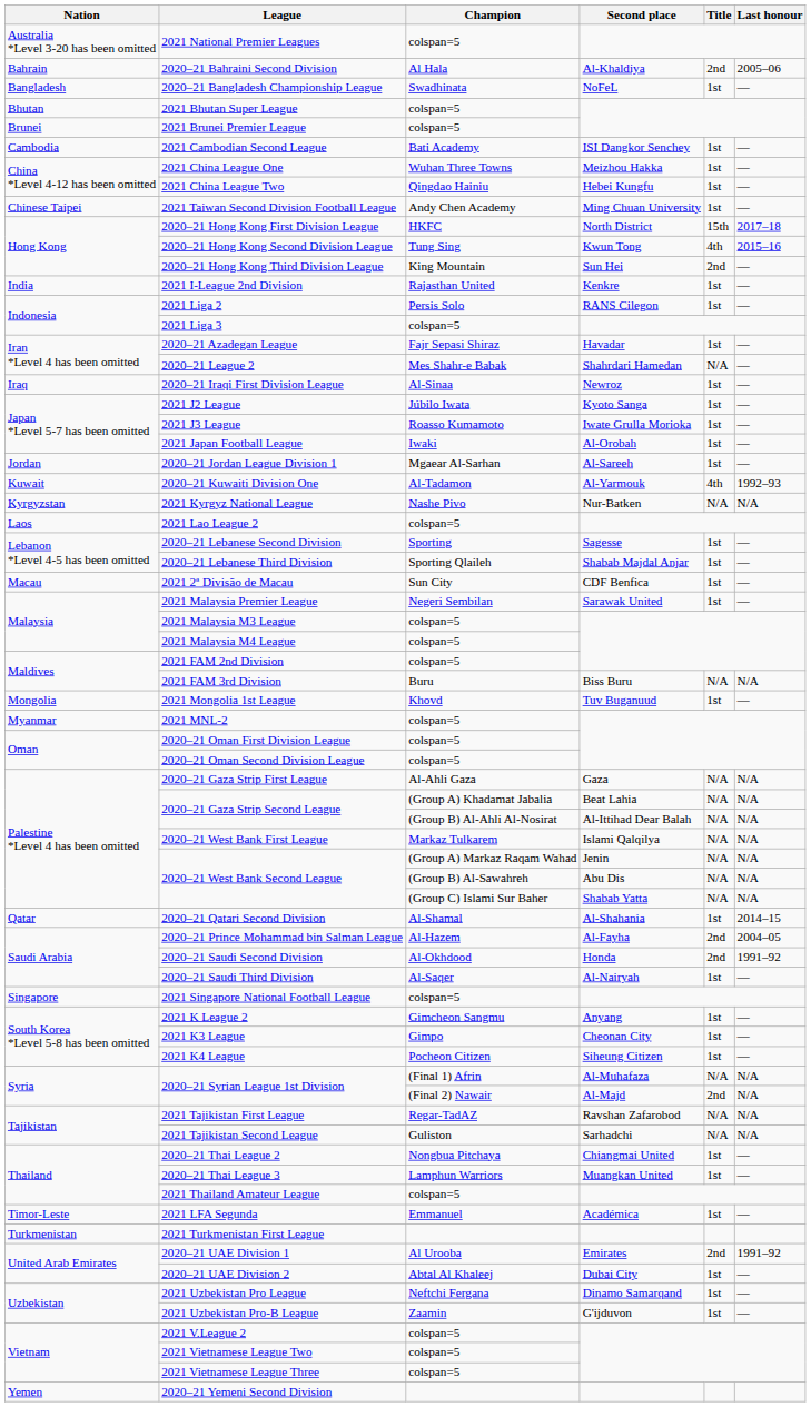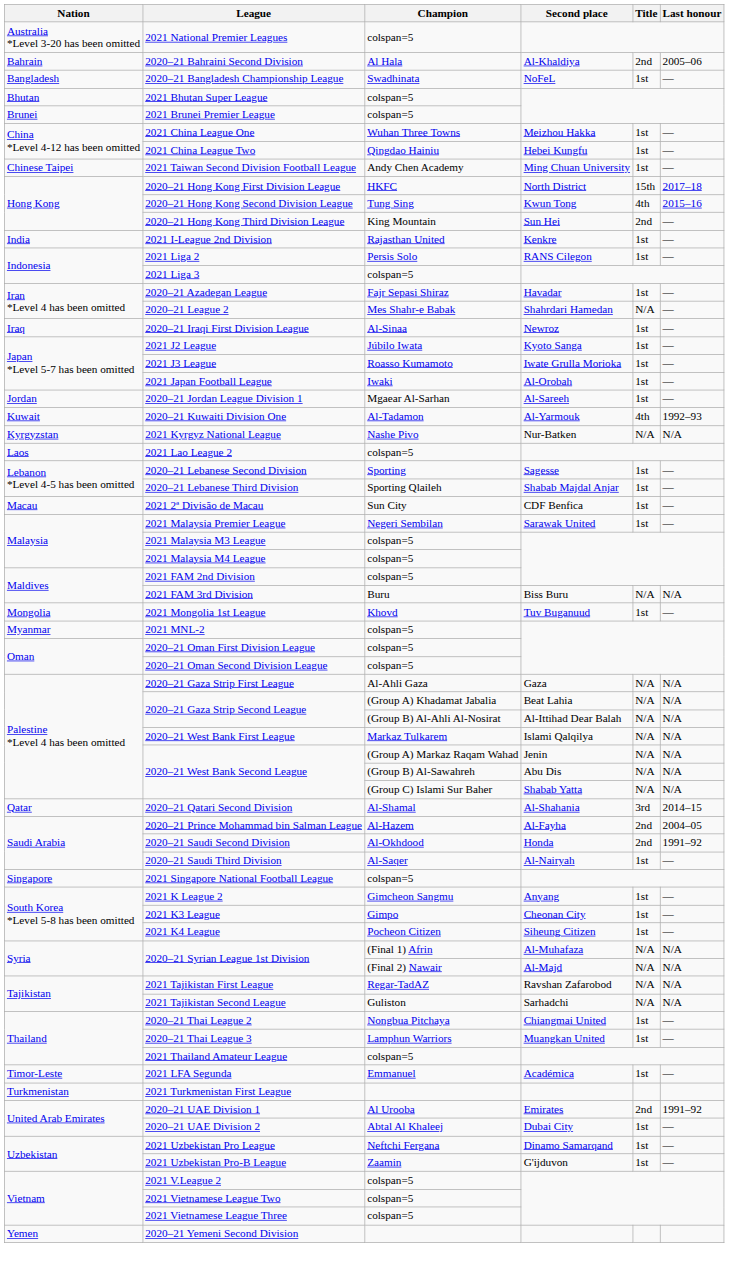 <table class="wikitable sortable">
 <tr>
 <th>Nation</th>
 <th>League</th>
 <th>Champion</th>
 <th>Second place</th>
 <th data-sort-type="number">Title</th>
 <th>Last honour</th>
 </tr>
 <tr>
 <td> <a href='#'>Australia</a> <br>*Level 3-20 has been omitted</td>
 <td><a href='#'>2021 National Premier Leagues</a></td>
 <td>colspan=5 </td>
 </tr>
 <tr>
 <td> <a href='#'>Bahrain</a></td>
 <td><a href='#'>2020–21 Bahraini Second Division</a></td>
 <td><a href='#'>Al Hala</a></td>
 <td><a href='#'>Al-Khaldiya</a></td>
 <td>2nd</td>
 <td>2005–06</td>
 </tr>
 <tr>
 <td> <a href='#'>Bangladesh</a></td>
 <td><a href='#'>2020–21 Bangladesh Championship League</a></td>
 <td><a href='#'>Swadhinata</a></td>
 <td><a href='#'>NoFeL</a></td>
 <td>1st</td>
 <td>—</td>
 </tr>
 <tr>
 <td> <a href='#'>Bhutan</a></td>
 <td><a href='#'>2021 Bhutan Super League</a></td>
 <td>colspan=5 </td>
 </tr>
 <tr>
 <td> <a href='#'>Brunei</a></td>
 <td><a href='#'>2021 Brunei Premier League</a></td>
 <td>colspan=5 </td>
-</tr>
-<tr>
-<td> <a href='#'>Cambodia</a></td>
-<td><a href='#'>2021 Cambodian Second League</a></td>
-<td><a href='#'>Bati Academy</a></td>
-<td><a href='#'>ISI Dangkor Senchey</a></td>
-<td>1st</td>
-<td>—</td>
 </tr>
 <tr>
 <td rowspan=2> <a href='#'>China</a> <br>*Level 4-12 has been omitted</td>
 <td><a href='#'>2021 China League One</a></td>
 <td><a href='#'>Wuhan Three Towns</a></td>
 <td><a href='#'>Meizhou Hakka</a></td>
 <td>1st</td>
 <td>—</td>
 </tr>
 <tr>
 <td><a href='#'>2021 China League Two</a></td>
 <td><a href='#'>Qingdao Hainiu</a></td>
 <td><a href='#'>Hebei Kungfu</a></td>
 <td>1st</td>
 <td>—</td>
 </tr>
 <tr>
 <td> <a href='#'>Chinese Taipei</a></td>
 <td><a href='#'>2021 Taiwan Second Division Football League</a></td>
 <td>Andy Chen Academy</td>
 <td><a href='#'>Ming Chuan University</a></td>
 <td>1st</td>
 <td>—</td>
 </tr>
 <tr>
 <td rowspan=3> <a href='#'>Hong Kong</a></td>
 <td><a href='#'>2020–21 Hong Kong First Division League</a></td>
 <td><a href='#'>HKFC</a></td>
 <td><a href='#'>North District</a></td>
 <td>15th</td>
 <td><a href='#'>2017–18</a></td>
 </tr>
 <tr>
 <td><a href='#'>2020–21 Hong Kong Second Division League</a></td>
 <td><a href='#'>Tung Sing</a></td>
 <td><a href='#'>Kwun Tong</a></td>
 <td>4th</td>
 <td><a href='#'>2015–16</a></td>
 </tr>
 <tr>
 <td><a href='#'>2020–21 Hong Kong Third Division League</a></td>
 <td>King Mountain</td>
 <td><a href='#'>Sun Hei</a></td>
 <td>2nd</td>
 <td>—</td>
 </tr>
 <tr>
 <td> <a href='#'>India</a></td>
 <td><a href='#'>2021 I-League 2nd Division</a></td>
 <td><a href='#'>Rajasthan United</a></td>
 <td><a href='#'>Kenkre</a></td>
 <td>1st</td>
 <td>—</td>
 </tr>
 <tr>
 <td rowspan=2> <a href='#'>Indonesia</a></td>
 <td><a href='#'>2021 Liga 2</a></td>
 <td><a href='#'>Persis Solo</a></td>
 <td><a href='#'>RANS Cilegon</a></td>
 <td>1st</td>
 <td>—</td>
 </tr>
 <tr>
 <td><a href='#'>2021 Liga 3</a></td>
 <td>colspan=5 </td>
 </tr>
 <tr>
 <td rowspan=2> <a href='#'>Iran</a> <br>*Level 4 has been omitted</td>
 <td><a href='#'>2020–21 Azadegan League</a></td>
 <td><a href='#'>Fajr Sepasi Shiraz</a></td>
 <td><a href='#'>Havadar</a></td>
 <td>1st</td>
 <td>—</td>
 </tr>
 <tr>
 <td><a href='#'>2020–21 League 2</a></td>
 <td><a href='#'>Mes Shahr-e Babak</a></td>
 <td><a href='#'>Shahrdari Hamedan</a></td>
 <td>N/A</td>
 <td>—</td>
 </tr>
 <tr>
 <td> <a href='#'>Iraq</a></td>
 <td><a href='#'>2020–21 Iraqi First Division League</a></td>
 <td><a href='#'>Al-Sinaa</a></td>
 <td><a href='#'>Newroz</a></td>
 <td>1st</td>
 <td>—</td>
 </tr>
 <tr>
 <td rowspan=3> <a href='#'>Japan</a> <br>*Level 5-7 has been omitted</td>
 <td><a href='#'>2021 J2 League</a></td>
 <td><a href='#'>Júbilo Iwata</a></td>
 <td><a href='#'>Kyoto Sanga</a></td>
 <td>1st</td>
 <td>—</td>
 </tr>
 <tr>
 <td><a href='#'>2021 J3 League</a></td>
 <td><a href='#'>Roasso Kumamoto</a></td>
 <td><a href='#'>Iwate Grulla Morioka</a></td>
 <td>1st</td>
 <td>—</td>
 </tr>
 <tr>
 <td><a href='#'>2021 Japan Football League</a></td>
 <td><a href='#'>Iwaki</a></td>
 <td><a href='#'>Al-Orobah</a></td>
 <td>1st</td>
 <td>—</td>
 </tr>
 <tr>
 <td> <a href='#'>Jordan</a></td>
 <td><a href='#'>2020–21 Jordan League Division 1</a></td>
 <td>Mgaear Al-Sarhan</td>
 <td><a href='#'>Al-Sareeh</a></td>
 <td>1st</td>
 <td>—</td>
 </tr>
 <tr>
 <td> <a href='#'>Kuwait</a></td>
 <td><a href='#'>2020–21 Kuwaiti Division One</a></td>
 <td><a href='#'>Al-Tadamon</a></td>
 <td><a href='#'>Al-Yarmouk</a></td>
 <td>4th</td>
 <td>1992–93</td>
 </tr>
 <tr>
 <td> <a href='#'>Kyrgyzstan</a></td>
 <td><a href='#'>2021 Kyrgyz National League</a></td>
 <td><a href='#'>Nashe Pivo</a></td>
 <td>Nur-Batken</td>
 <td>N/A</td>
 <td>N/A</td>
 </tr>
 <tr>
 <td> <a href='#'>Laos</a></td>
 <td><a href='#'>2021 Lao League 2</a></td>
 <td>colspan=5 </td>
 </tr>
 <tr>
 <td rowspan="2"> <a href='#'>Lebanon</a> <br>*Level 4-5 has been omitted</td>
 <td><a href='#'>2020–21 Lebanese Second Division</a></td>
 <td><a href='#'>Sporting</a></td>
 <td><a href='#'>Sagesse</a></td>
 <td>1st</td>
 <td>—</td>
 </tr>
 <tr>
 <td><a href='#'>2020–21 Lebanese Third Division</a></td>
 <td>Sporting Qlaileh</td>
 <td><a href='#'>Shabab Majdal Anjar</a></td>
 <td>1st</td>
 <td>—</td>
 </tr>
 <tr>
 <td> <a href='#'>Macau</a></td>
 <td><a href='#'>2021 2ª Divisão de Macau</a></td>
 <td>Sun City</td>
 <td>CDF Benfica</td>
 <td>1st</td>
 <td>—</td>
 </tr>
 <tr>
 <td rowspan=3> <a href='#'>Malaysia</a></td>
 <td><a href='#'>2021 Malaysia Premier League</a></td>
 <td><a href='#'>Negeri Sembilan</a></td>
 <td><a href='#'>Sarawak United</a></td>
 <td>1st</td>
 <td>—</td>
 </tr>
 <tr>
 <td><a href='#'>2021 Malaysia M3 League</a></td>
 <td>colspan=5 </td>
 </tr>
 <tr>
 <td><a href='#'>2021 Malaysia M4 League</a></td>
 <td>colspan=5 </td>
 </tr>
 <tr>
 <td rowspan=2> <a href='#'>Maldives</a></td>
 <td><a href='#'>2021 FAM 2nd Division</a></td>
 <td>colspan=5 </td>
 </tr>
 <tr>
 <td><a href='#'>2021 FAM 3rd Division</a></td>
 <td>Buru</td>
 <td>Biss Buru</td>
 <td>N/A</td>
 <td>N/A</td>
 </tr>
 <tr>
 <td> <a href='#'>Mongolia</a></td>
 <td><a href='#'>2021 Mongolia 1st League</a></td>
 <td><a href='#'>Khovd</a></td>
 <td><a href='#'>Tuv Buganuud</a></td>
 <td>1st</td>
 <td>—</td>
 </tr>
 <tr>
 <td> <a href='#'>Myanmar</a></td>
 <td><a href='#'>2021 MNL-2</a></td>
 <td>colspan=5 </td>
 </tr>
 <tr>
 <td rowspan=2> <a href='#'>Oman</a></td>
 <td><a href='#'>2020–21 Oman First Division League</a></td>
 <td>colspan=5 </td>
 </tr>
 <tr>
 <td><a href='#'>2020–21 Oman Second Division League</a></td>
 <td>colspan=5 </td>
 </tr>
 <tr>
 <td rowspan=7> <a href='#'>Palestine</a><br>*Level 4 has been omitted</td>
 <td><a href='#'>2020–21 Gaza Strip First League</a></td>
 <td>Al-Ahli Gaza</td>
 <td>Gaza</td>
 <td>N/A</td>
 <td>N/A</td>
 </tr>
 <tr>
 <td rowspan=2><a href='#'>2020–21 Gaza Strip Second League</a></td>
 <td>(Group A) Khadamat Jabalia</td>
 <td>Beat Lahia</td>
 <td>N/A</td>
 <td>N/A</td>
 </tr>
 <tr>
 <td>(Group B) Al-Ahli Al-Nosirat</td>
 <td>Al-Ittihad Dear Balah</td>
 <td>N/A</td>
 <td>N/A</td>
 </tr>
 <tr>
 <td><a href='#'>2020–21 West Bank First League</a></td>
 <td><a href='#'>Markaz Tulkarem</a></td>
 <td>Islami Qalqilya</td>
 <td>N/A</td>
 <td>N/A</td>
 </tr>
 <tr>
 <td rowspan=3><a href='#'>2020–21 West Bank Second League</a></td>
 <td>(Group A) Markaz Raqam Wahad</td>
 <td>Jenin</td>
 <td>N/A</td>
 <td>N/A</td>
 </tr>
 <tr>
 <td>(Group B) Al-Sawahreh</td>
 <td>Abu Dis</td>
 <td>N/A</td>
 <td>N/A</td>
 </tr>
 <tr>
 <td>(Group C) Islami Sur Baher</td>
 <td><a href='#'>Shabab Yatta</a></td>
 <td>N/A</td>
 <td>N/A</td>
 </tr>
 <tr>
 <td> <a href='#'>Qatar</a></td>
 <td><a href='#'>2020–21 Qatari Second Division</a></td>
 <td><a href='#'>Al-Shamal</a></td>
 <td><a href='#'>Al-Shahania</a></td>
-<td>1st</td>
+<td>3rd</td>
 <td>2014–15</td>
 </tr>
 <tr>
 <td rowspan=3> <a href='#'>Saudi Arabia</a></td>
 <td><a href='#'>2020–21 Prince Mohammad bin Salman League</a></td>
 <td><a href='#'>Al-Hazem</a></td>
 <td><a href='#'>Al-Fayha</a></td>
 <td>2nd</td>
 <td>2004–05</td>
 </tr>
 <tr>
 <td><a href='#'>2020–21 Saudi Second Division</a></td>
 <td><a href='#'>Al-Okhdood</a></td>
 <td><a href='#'>Honda</a></td>
 <td>2nd</td>
 <td>1991–92</td>
 </tr>
 <tr>
 <td><a href='#'>2020–21 Saudi Third Division</a></td>
 <td><a href='#'>Al-Saqer</a></td>
 <td><a href='#'>Al-Nairyah</a></td>
 <td>1st</td>
 <td>—</td>
 </tr>
 <tr>
 <td> <a href='#'>Singapore</a></td>
 <td><a href='#'>2021 Singapore National Football League</a></td>
 <td>colspan=5 </td>
 </tr>
 <tr>
 <td rowspan=3> <a href='#'>South Korea</a> <br>*Level 5-8 has been omitted</td>
 <td><a href='#'>2021 K League 2</a></td>
 <td><a href='#'>Gimcheon Sangmu</a></td>
 <td><a href='#'>Anyang</a></td>
 <td>1st</td>
 <td>—</td>
 </tr>
 <tr>
 <td><a href='#'>2021 K3 League</a></td>
 <td><a href='#'>Gimpo</a></td>
 <td><a href='#'>Cheonan City</a></td>
 <td>1st</td>
 <td>—</td>
 </tr>
 <tr>
 <td><a href='#'>2021 K4 League</a></td>
 <td><a href='#'>Pocheon Citizen</a></td>
 <td><a href='#'>Siheung Citizen</a></td>
 <td>1st</td>
 <td>—</td>
 </tr>
 <tr>
 <td rowspan=2> <a href='#'>Syria</a></td>
 <td rowspan=2><a href='#'>2020–21 Syrian League 1st Division</a></td>
 <td>(Final 1) <a href='#'>Afrin</a></td>
 <td><a href='#'>Al-Muhafaza</a></td>
 <td>N/A</td>
 <td>N/A</td>
 </tr>
 <tr>
 <td>(Final 2) <a href='#'>Nawair</a></td>
 <td><a href='#'>Al-Majd</a></td>
-<td>2nd</td>
+<td>N/A</td>
 <td>N/A</td>
 </tr>
 <tr>
 <td rowspan=2> <a href='#'>Tajikistan</a></td>
 <td><a href='#'>2021 Tajikistan First League</a></td>
 <td><a href='#'>Regar-TadAZ</a></td>
 <td>Ravshan Zafarobod</td>
 <td>N/A</td>
 <td>N/A</td>
 </tr>
 <tr>
 <td><a href='#'>2021 Tajikistan Second League</a></td>
 <td>Guliston</td>
 <td>Sarhadchi</td>
 <td>N/A</td>
 <td>N/A</td>
 </tr>
 <tr>
 <td rowspan=3> <a href='#'>Thailand</a></td>
 <td><a href='#'>2020–21 Thai League 2</a></td>
 <td><a href='#'>Nongbua Pitchaya</a></td>
 <td><a href='#'>Chiangmai United</a></td>
 <td>1st</td>
 <td>—</td>
 </tr>
 <tr>
 <td><a href='#'>2020–21 Thai League 3</a></td>
 <td><a href='#'>Lamphun Warriors</a></td>
 <td><a href='#'>Muangkan United</a></td>
 <td>1st</td>
 <td>—</td>
 </tr>
 <tr>
 <td><a href='#'>2021 Thailand Amateur League</a></td>
 <td>colspan=5 </td>
 </tr>
 <tr>
 <td> <a href='#'>Timor-Leste</a></td>
 <td><a href='#'>2021 LFA Segunda</a></td>
 <td><a href='#'>Emmanuel</a></td>
 <td><a href='#'>Académica</a></td>
 <td>1st</td>
 <td>—</td>
 </tr>
 <tr>
 <td> <a href='#'>Turkmenistan</a></td>
 <td><a href='#'>2021 Turkmenistan First League</a></td>
 <td></td>
 <td></td>
 <td></td>
 <td></td>
 </tr>
 <tr>
 <td rowspan=2> <a href='#'>United Arab Emirates</a></td>
 <td><a href='#'>2020–21 UAE Division 1</a></td>
 <td><a href='#'>Al Urooba</a></td>
 <td><a href='#'>Emirates</a></td>
 <td>2nd</td>
 <td>1991–92</td>
 </tr>
 <tr>
 <td><a href='#'>2020–21 UAE Division 2</a></td>
 <td><a href='#'>Abtal Al Khaleej</a></td>
 <td><a href='#'>Dubai City</a></td>
 <td>1st</td>
 <td>—</td>
 </tr>
 <tr>
 <td rowspan=2> <a href='#'>Uzbekistan</a></td>
 <td><a href='#'>2021 Uzbekistan Pro League</a></td>
 <td><a href='#'>Neftchi Fergana</a></td>
 <td><a href='#'>Dinamo Samarqand</a></td>
 <td>1st</td>
 <td>—</td>
 </tr>
 <tr>
 <td><a href='#'>2021 Uzbekistan Pro-B League</a></td>
 <td><a href='#'>Zaamin</a></td>
 <td>G'ijduvon</td>
 <td>1st</td>
 <td>—</td>
 </tr>
 <tr>
 <td rowspan=3> <a href='#'>Vietnam</a></td>
 <td><a href='#'>2021 V.League 2</a></td>
 <td>colspan=5 </td>
 </tr>
 <tr>
 <td><a href='#'>2021 Vietnamese League Two</a></td>
 <td>colspan=5 </td>
 </tr>
 <tr>
 <td><a href='#'>2021 Vietnamese League Three</a></td>
 <td>colspan=5 </td>
 </tr>
 <tr>
 <td> <a href='#'>Yemen</a></td>
 <td><a href='#'>2020–21 Yemeni Second Division</a></td>
 <td></td>
 <td></td>
 <td></td>
 <td></td>
 </tr>
 </table>
